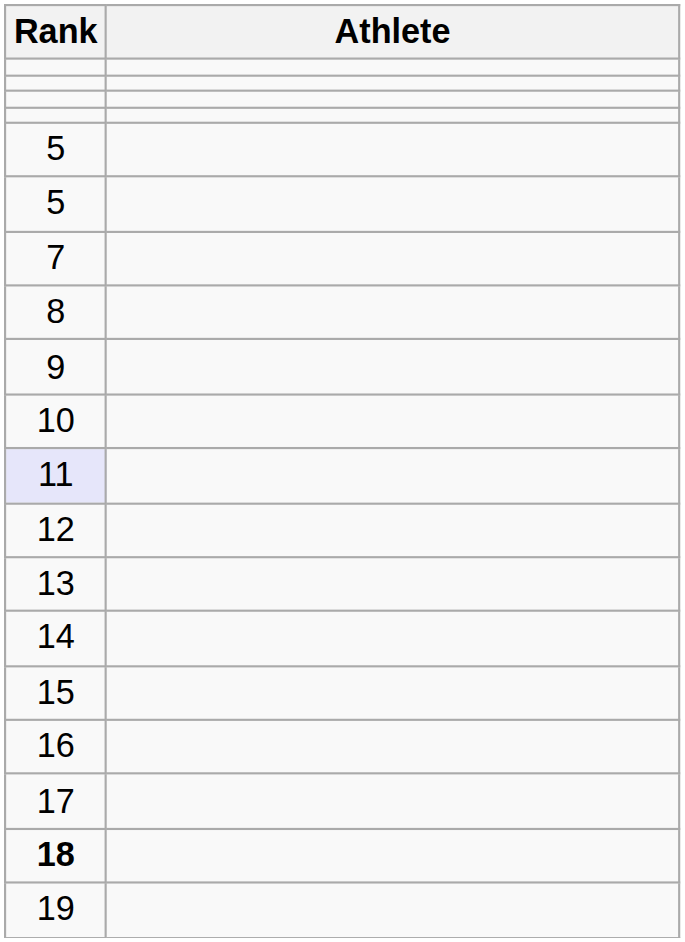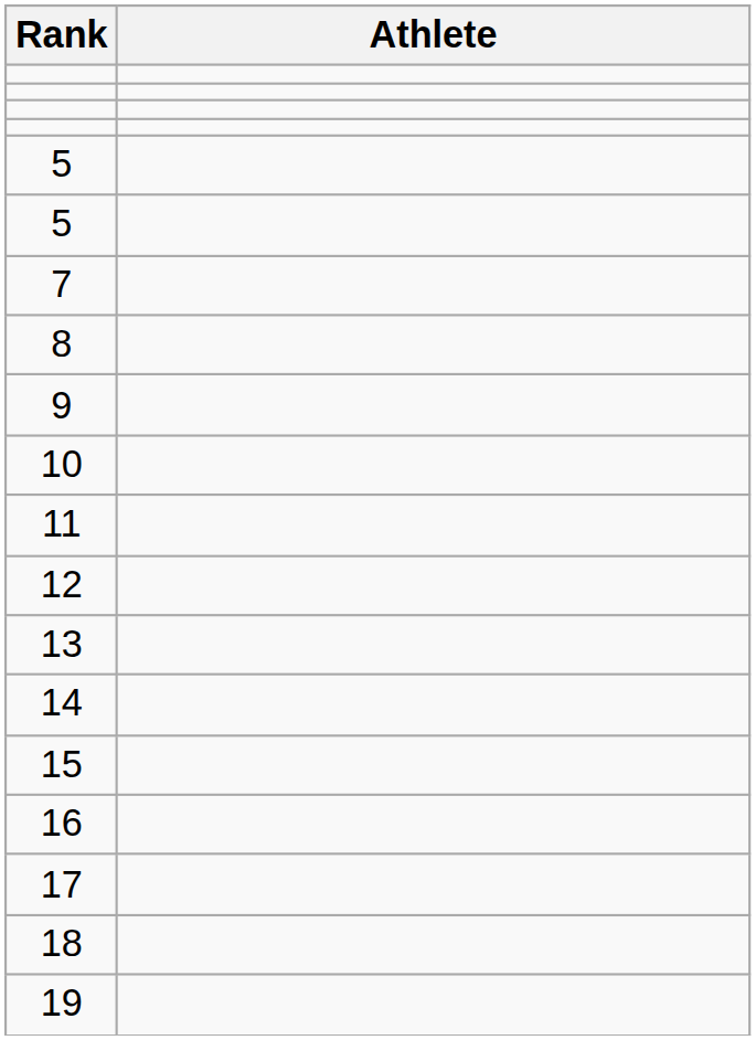 <table class="wikitable" style="text-align: center;">
 <tr>
 <th width=40>Rank</th>
 <th width=260>Athlete</th>
 </tr>
 <tr>
 <td></td>
 <td align="left"></td>
 </tr>
 <tr>
 <td></td>
 <td align="left"></td>
 </tr>
 <tr>
 <td></td>
 <td align="left"></td>
 </tr>
 <tr>
 <td></td>
 <td align="left"></td>
 </tr>
 <tr>
 <td>5</td>
 <td align="left"></td>
 </tr>
 <tr>
 <td>5</td>
 <td align="left"></td>
 </tr>
 <tr>
 <td>7</td>
 <td align="left"></td>
 </tr>
 <tr>
 <td>8</td>
 <td align="left"></td>
 </tr>
 <tr>
 <td>9</td>
 <td align="left"></td>
 </tr>
 <tr>
 <td>10</td>
 <td align="left"></td>
 </tr>
 <tr>
-<td style="background: lavender;">11</td>
+<td>11</td>
 <td align="left"></td>
 </tr>
 <tr>
 <td>12</td>
 <td align="left"></td>
 </tr>
 <tr>
 <td>13</td>
 <td align="left"></td>
 </tr>
 <tr>
 <td>14</td>
 <td align="left"></td>
 </tr>
 <tr>
 <td>15</td>
 <td align="left"></td>
 </tr>
 <tr>
 <td>16</td>
 <td align="left"></td>
 </tr>
 <tr>
 <td>17</td>
 <td align="left"></td>
 </tr>
 <tr>
-<td><strong>18</strong></td>
+<td>18</td>
 <td align="left"></td>
 </tr>
 <tr>
 <td>19</td>
 <td align="left"></td>
 </tr>
 </table>
